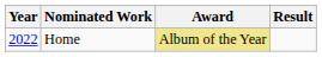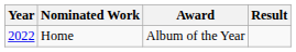 <table class="wikitable">
 <tr>
 <th>Year</th>
 <th>Nominated Work</th>
 <th>Award</th>
 <th>Result</th>
 </tr>
 <tr>
 <td rowspan="2"><a href='#'>2022</a></td>
 <td>Home</td>
-<td style="background: khaki;">Album of the Year</td>
+<td>Album of the Year</td>
 <td></td>
 </tr>
 </table>
